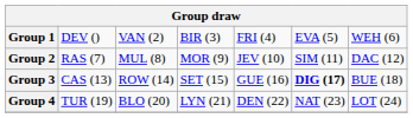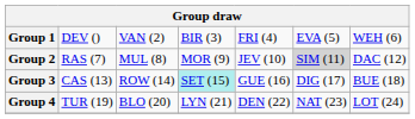 <table class="wikitable" style="text-align:center; font-size:85%">
 <tr>
 <th colspan="7">Group draw</th>
 </tr>
 <tr>
 <th>Group 1</th>
 <td align="left"> <a href='#'>DEV</a> ()</td>
 <td align="left"> <a href='#'>VAN</a> (2)</td>
 <td align="left"> <a href='#'>BIR</a> (3)</td>
 <td align="left"> <a href='#'>FRI</a> (4)</td>
 <td align="left"> <a href='#'>EVA</a> (5)</td>
 <td align="left"> <a href='#'>WEH</a> (6)</td>
 </tr>
 <tr>
 <th>Group 2</th>
 <td align="left"> <a href='#'>RAS</a> (7)</td>
 <td align="left"> <a href='#'>MUL</a> (8)</td>
 <td align="left"> <a href='#'>MOR</a> (9)</td>
 <td align="left"> <a href='#'>JEV</a> (10)</td>
-<td align="left"> <a href='#'>SIM</a> (11)</td>
+<td align="left" style="background: lightgrey;"> <a href='#'>SIM</a> (11)</td>
 <td align="left"> <a href='#'>DAC</a> (12)</td>
 </tr>
 <tr>
 <th>Group 3</th>
 <td align="left"> <a href='#'>CAS</a> (13)</td>
 <td align="left"> <a href='#'>ROW</a> (14)</td>
-<td align="left"> <a href='#'>SET</a> (15)</td>
+<td align="left" style="background: paleturquoise;"> <a href='#'>SET</a> (15)</td>
 <td align="left"> <a href='#'>GUE</a> (16)</td>
-<td align="left"><strong> <a href='#'>DIG</a> (17)</strong></td>
+<td align="left"> <a href='#'>DIG</a> (17)</td>
 <td align="left"> <a href='#'>BUE</a> (18)</td>
 </tr>
 <tr>
 <th>Group 4</th>
 <td align="left"> <a href='#'>TUR</a> (19)</td>
 <td align="left"> <a href='#'>BLO</a> (20)</td>
 <td align="left"> <a href='#'>LYN</a> (21)</td>
 <td align="left"> <a href='#'>DEN</a> (22)</td>
 <td align="left"> <a href='#'>NAT</a> (23)</td>
 <td align="left"> <a href='#'>LOT</a> (24)</td>
 </tr>
 <tr>
 </tr>
 </table>
